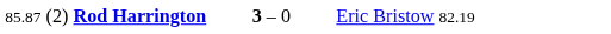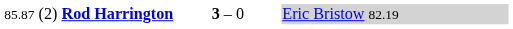 <table style="text-align:center">
 <tr>
 <th width=223></th>
 <th width=100></th>
 <th width=223></th>
 </tr>
 <tr>
 <td align=right><small>85.87</small> (2) <strong><a href='#'>Rod Harrington</a></strong> </td>
 <td><strong>3</strong> – 0</td>
-<td align=left> <a href='#'>Eric Bristow</a> <small>82.19</small></td>
+<td align=left style="background: lightgrey;"> <a href='#'>Eric Bristow</a> <small>82.19</small></td>
 </tr>
 </table>
